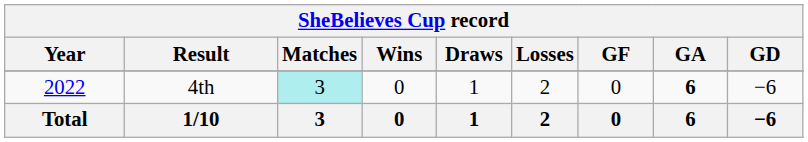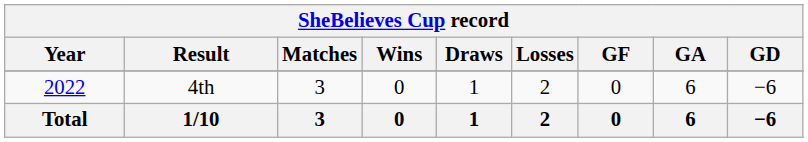 <table class="wikitable" style="text-align:center;">
 <tr>
 <th colspan=9> <a href='#'>SheBelieves Cup</a> record</th>
 </tr>
 <tr>
 <th width=85>Year</th>
 <th width=110>Result</th>
 <th>Matches</th>
 <th width=50>Wins</th>
 <th width=50>Draws</th>
 <th>Losses</th>
 <th width=50>GF</th>
 <th width=50>GA</th>
 <th width=50>GD</th>
 </tr>
 <tr>
 </tr>
 <tr>
 <td><a href='#'>2022</a></td>
 <td>4th</td>
-<td style="background: paleturquoise;">3</td>
+<td>3</td>
 <td>0</td>
 <td>1</td>
 <td>2</td>
 <td>0</td>
-<td><strong>6</strong></td>
+<td>6</td>
 <td>−6</td>
 </tr>
 <tr class=sortbottom style="font-weight:bold;">
 <th>Total</th>
 <th>1/10</th>
 <th>3</th>
 <th>0</th>
 <th>1</th>
 <th>2</th>
 <th>0</th>
 <th>6</th>
 <th>−6</th>
 </tr>
 </table>
